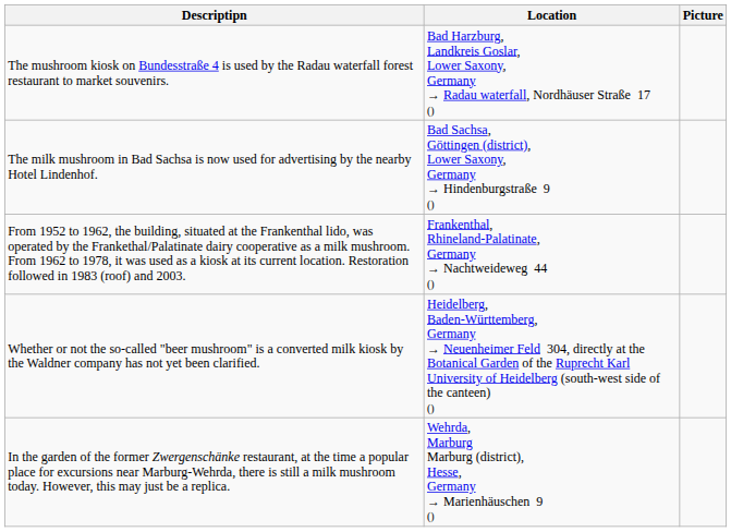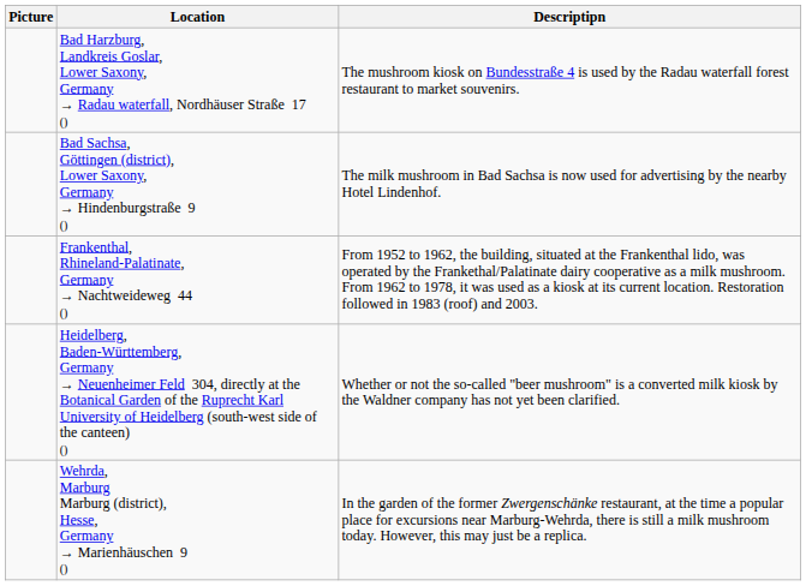 <table class="wikitable sortable" width="100%">
 <tr>
+<th class="unsortable">Picture</th>
+<th>Location</th>
 <th class="unsortable">Descriptipn</th>
-<th>Location</th>
-<th class="unsortable">Picture</th>
 </tr>
 <tr>
+<td></td>
+<td><a href='#'>Bad Harzburg</a>,<br><a href='#'>Landkreis Goslar</a>,<br><a href='#'>Lower Saxony</a>,<br><a href='#'>Germany</a><br>→ <a href='#'>Radau waterfall</a>, Nordhäuser Straße  17<br><small>()</small></td>
 <td>The mushroom kiosk on <a href='#'>Bundesstraße 4</a> is used by the Radau waterfall forest restaurant to market souvenirs.</td>
-<td><a href='#'>Bad Harzburg</a>,<br><a href='#'>Landkreis Goslar</a>,<br><a href='#'>Lower Saxony</a>,<br><a href='#'>Germany</a><br>→ <a href='#'>Radau waterfall</a>, Nordhäuser Straße  17<br><small>()</small></td>
-<td></td>
 </tr>
 <tr>
+<td></td>
+<td><a href='#'>Bad Sachsa</a>,<br><a href='#'>Göttingen (district)</a>,<br><a href='#'>Lower Saxony</a>,<br><a href='#'>Germany</a><br>→ Hindenburgstraße  9<br><small>()</small></td>
 <td>The milk mushroom in Bad Sachsa is now used for advertising by the nearby Hotel Lindenhof.</td>
-<td><a href='#'>Bad Sachsa</a>,<br><a href='#'>Göttingen (district)</a>,<br><a href='#'>Lower Saxony</a>,<br><a href='#'>Germany</a><br>→ Hindenburgstraße  9<br><small>()</small></td>
-<td></td>
 </tr>
 <tr>
+<td></td>
+<td><a href='#'>Frankenthal</a>,<br><a href='#'>Rhineland-Palatinate</a>,<br><a href='#'>Germany</a><br>→ Nachtweideweg  44<br><small>()</small></td>
 <td>From 1952 to 1962, the building, situated at the Frankenthal lido, was operated by the Frankethal/Palatinate dairy cooperative as a milk mushroom. From 1962 to 1978, it was used as a kiosk at its current location. Restoration followed in 1983 (roof) and 2003.</td>
-<td><a href='#'>Frankenthal</a>,<br><a href='#'>Rhineland-Palatinate</a>,<br><a href='#'>Germany</a><br>→ Nachtweideweg  44<br><small>()</small></td>
-<td></td>
 </tr>
 <tr>
+<td></td>
+<td><a href='#'>Heidelberg</a>,<br><a href='#'>Baden-Württemberg</a>,<br><a href='#'>Germany</a><br>→ <a href='#'>Neuenheimer Feld</a>  304, directly at the <a href='#'>Botanical Garden</a> of the <a href='#'>Ruprecht Karl University of Heidelberg</a> (south-west side of the canteen)<br><small>()</small></td>
 <td>Whether or not the so-called "beer mushroom" is a converted milk kiosk by the Waldner company has not yet been clarified.</td>
-<td><a href='#'>Heidelberg</a>,<br><a href='#'>Baden-Württemberg</a>,<br><a href='#'>Germany</a><br>→ <a href='#'>Neuenheimer Feld</a>  304, directly at the <a href='#'>Botanical Garden</a> of the <a href='#'>Ruprecht Karl University of Heidelberg</a> (south-west side of the canteen)<br><small>()</small></td>
-<td></td>
 </tr>
 <tr>
+<td></td>
+<td><a href='#'>Wehrda</a>,<br><a href='#'>Marburg</a><br>Marburg (district),<br><a href='#'>Hesse</a>,<br><a href='#'>Germany</a><br>→ Marienhäuschen  9<br><small>()</small></td>
 <td>In the garden of the former <em>Zwergenschänke</em> restaurant, at the time a popular place for excursions near Marburg-Wehrda, there is still a milk mushroom today. However, this may just be a replica.</td>
-<td><a href='#'>Wehrda</a>,<br><a href='#'>Marburg</a><br>Marburg (district),<br><a href='#'>Hesse</a>,<br><a href='#'>Germany</a><br>→ Marienhäuschen  9<br><small>()</small></td>
-<td></td>
 </tr>
 </table>
